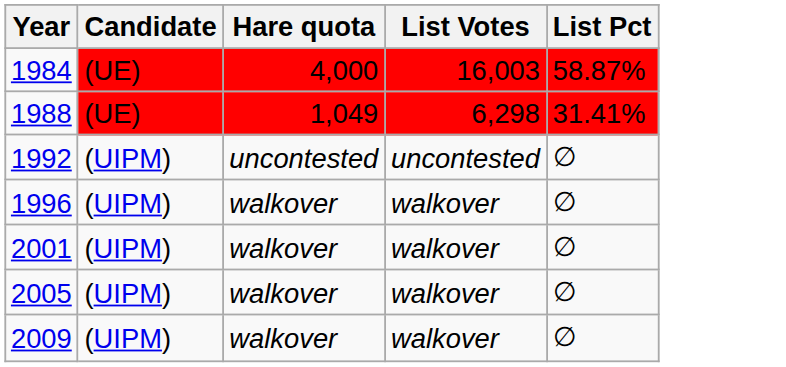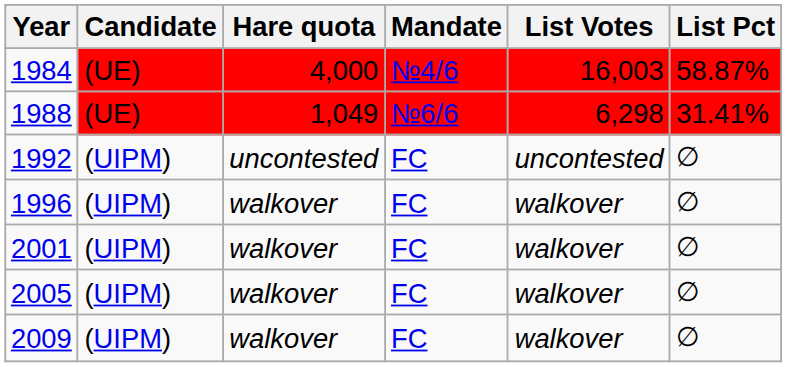 <table class="wikitable" style="margin:0.5em ; font-size:95%">
 <tr>
 <th>Year</th>
 <th>Candidate</th>
 <th>Hare quota</th>
+<th>Mandate</th>
 <th>List Votes</th>
 <th>List Pct</th>
 </tr>
 <tr>
 <td><a href='#'>1984</a></td>
 <td bgcolor="red"> (UE)</td>
 <td bgcolor="red" align="right">4,000</td>
+<td bgcolor="red"><a href='#'>№4/6</a></td>
 <td bgcolor="red" align="right">16,003</td>
 <td bgcolor="red">58.87%</td>
 </tr>
 <tr>
 <td><a href='#'>1988</a></td>
 <td bgcolor="red"> (UE)</td>
 <td bgcolor="red" align="right">1,049</td>
+<td bgcolor="red"><a href='#'>№6/6</a></td>
 <td bgcolor="red" align="right">6,298</td>
 <td bgcolor="red">31.41%</td>
 </tr>
 <tr>
 <td><a href='#'>1992</a></td>
 <td> (<a href='#'>UIPM</a>)</td>
 <td><em>uncontested</em></td>
+<td><a href='#'>FC</a></td>
 <td><em>uncontested</em></td>
 <td>∅</td>
 </tr>
 <tr>
 <td><a href='#'>1996</a></td>
 <td> (<a href='#'>UIPM</a>)</td>
 <td><em>walkover</em></td>
+<td><a href='#'>FC</a></td>
 <td><em>walkover</em></td>
 <td>∅</td>
 </tr>
 <tr>
 <td><a href='#'>2001</a></td>
 <td> (<a href='#'>UIPM</a>)</td>
 <td><em>walkover</em></td>
+<td><a href='#'>FC</a></td>
 <td><em>walkover</em></td>
 <td>∅</td>
 </tr>
 <tr>
 <td><a href='#'>2005</a></td>
 <td> (<a href='#'>UIPM</a>)</td>
 <td><em>walkover</em></td>
+<td><a href='#'>FC</a></td>
 <td><em>walkover</em></td>
 <td>∅</td>
 </tr>
 <tr>
 <td><a href='#'>2009</a></td>
 <td> (<a href='#'>UIPM</a>)</td>
 <td><em>walkover</em></td>
+<td><a href='#'>FC</a></td>
 <td><em>walkover</em></td>
 <td>∅</td>
 </tr>
 </table>
